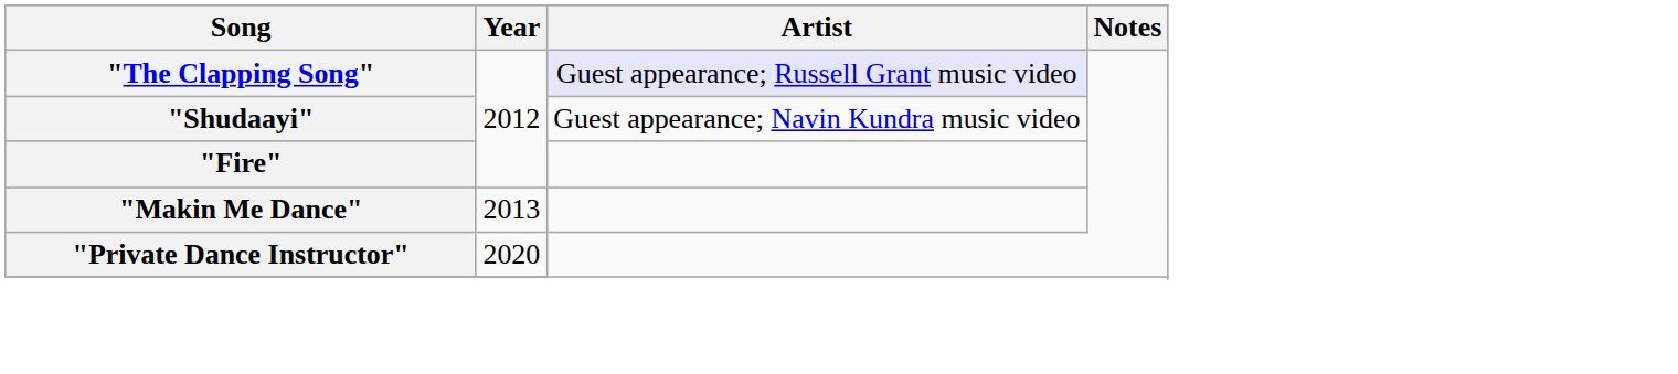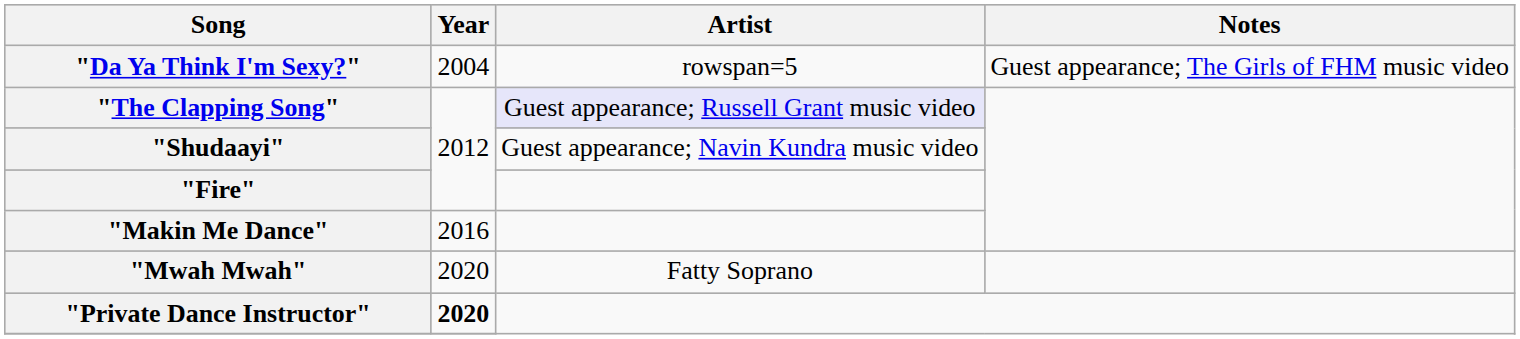 <table class="wikitable plainrowheaders" style="text-align:center;" border="1">
 <tr>
 <th scope="col" style="width:16em;">Song</th>
 <th scope="col">Year</th>
 <th scope="col">Artist</th>
 <th scope="col">Notes</th>
+</tr>
+<tr>
+<th scope="row">"<a href='#'>Da Ya Think I'm Sexy?</a>"</th>
+<td>2004</td>
+<td>rowspan=5 </td>
+<td>Guest appearance; <a href='#'>The Girls of FHM</a> music video</td>
 </tr>
 <tr>
 <th scope="row">"<a href='#'>The Clapping Song</a>"</th>
 <td rowspan=3>2012</td>
 <td style="background: lavender;">Guest appearance; <a href='#'>Russell Grant</a> music video</td>
 </tr>
 <tr>
 <th scope="row">"Shudaayi"</th>
 <td>Guest appearance; <a href='#'>Navin Kundra</a> music video</td>
 </tr>
 <tr>
 <th scope="row">"Fire"</th>
 <td></td>
 </tr>
 <tr>
 <th scope="row">"Makin Me Dance"</th>
-<td>2013</td>
+<td>2016</td>
+<td></td>
+</tr>
+<tr>
+<th scope="row">"Mwah Mwah"</th>
+<td>2020</td>
+<td>Fatty Soprano</td>
 <td></td>
 </tr>
 <tr>
 <th scope="row">"Private Dance Instructor"</th>
-<td>2020</td>
+<td><strong>2020</strong></td>
 </tr>
 <tr>
 </tr>
 </table>
